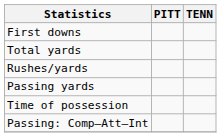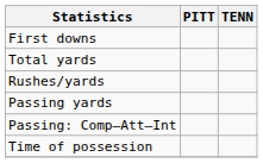 <table class="wikitable" style="float: left;">
 <tr>
 <th>Statistics</th>
 <th>PITT</th>
 <th>TENN</th>
 </tr>
 <tr>
 <td>First downs</td>
 <td></td>
 <td></td>
 </tr>
 <tr>
 <td>Total yards</td>
 <td></td>
 <td></td>
 </tr>
 <tr>
 <td>Rushes/yards</td>
 <td></td>
 <td></td>
 </tr>
 <tr>
 <td>Passing yards</td>
 <td></td>
 <td></td>
 </tr>
 <tr>
-<td>Time of possession</td>
+<td>Passing: Comp–Att–Int</td>
 <td></td>
 <td></td>
 </tr>
 <tr>
-<td>Passing: Comp–Att–Int</td>
+<td>Time of possession</td>
 <td></td>
 <td></td>
 </tr>
 <tr>
 </tr>
 </table>
